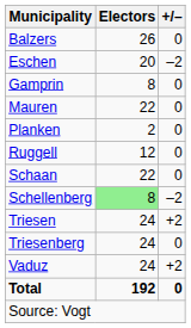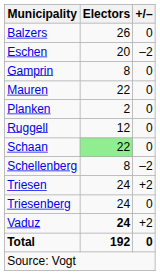 <table class="wikitable">
 <tr>
 <th>Municipality</th>
 <th>Electors</th>
 <th>+/–</th>
 </tr>
 <tr>
 <td><a href='#'>Balzers</a></td>
 <td style="text-align: right;">26</td>
 <td align="right">0</td>
 </tr>
 <tr>
 <td><a href='#'>Eschen</a></td>
 <td style="text-align: right;">20</td>
 <td align="right">–2</td>
 </tr>
 <tr>
 <td><a href='#'>Gamprin</a></td>
 <td style="text-align: right;">8</td>
 <td align="right">0</td>
 </tr>
 <tr>
 <td><a href='#'>Mauren</a></td>
 <td style="text-align: right;">22</td>
 <td align="right">0</td>
 </tr>
 <tr>
 <td><a href='#'>Planken</a></td>
 <td style="text-align: right;">2</td>
 <td align="right">0</td>
 </tr>
 <tr>
 <td><a href='#'>Ruggell</a></td>
 <td style="text-align: right;">12</td>
 <td align="right">0</td>
 </tr>
 <tr>
 <td><a href='#'>Schaan</a></td>
-<td style="text-align: right;">22</td>
+<td style="background: lightgreen; text-align: right;">22</td>
 <td align="right">0</td>
 </tr>
 <tr>
 <td><a href='#'>Schellenberg</a></td>
-<td style="background: lightgreen; text-align: right;">8</td>
+<td style="text-align: right;">8</td>
 <td align="right">–2</td>
 </tr>
 <tr>
 <td><a href='#'>Triesen</a></td>
 <td style="text-align: right;">24</td>
 <td align="right">+2</td>
 </tr>
 <tr>
 <td><a href='#'>Triesenberg</a></td>
 <td style="text-align: right;">24</td>
 <td align="right">0</td>
 </tr>
 <tr>
 <td><a href='#'>Vaduz</a></td>
-<td style="text-align: right;">24</td>
+<td style="text-align: right;"><strong>24</strong></td>
 <td align="right">+2</td>
 </tr>
 <tr>
 <td><strong>Total</strong></td>
 <td align="right"><strong>192</strong></td>
 <td align="right"><strong>0</strong></td>
 </tr>
 <tr>
 <td colspan="3">Source: Vogt</td>
 </tr>
 </table>
